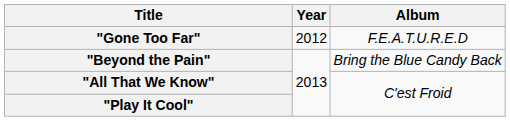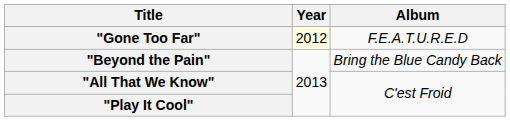 <table class="wikitable plainrowheaders" style="text-align:center;">
 <tr>
 <th scope="col" style="width:20em;">Title</th>
 <th scope="col" style="width:1em;">Year</th>
 <th scope="col">Album</th>
 </tr>
 <tr>
 <th scope="row">"Gone Too Far"<br></th>
-<td>2012</td>
+<td style="background: lightyellow;">2012</td>
 <td><em>F.E.A.T.U.R.E.D</em></td>
 </tr>
 <tr>
 <th scope="row">"Beyond the Pain"<br></th>
 <td rowspan="3">2013</td>
 <td><em>Bring the Blue Candy Back</em></td>
 </tr>
 <tr>
 <th scope="row">"All That We Know"<br></th>
 <td rowspan="2"><em>C'est Froid</em></td>
 </tr>
 <tr>
 <th scope="row">"Play It Cool"<br></th>
 </tr>
 </table>
